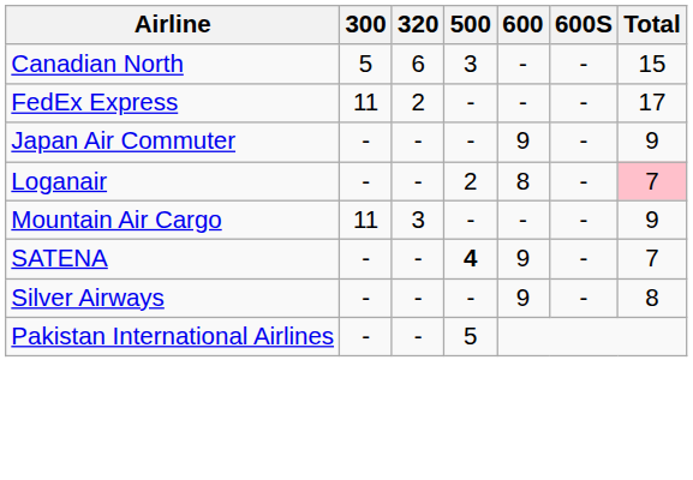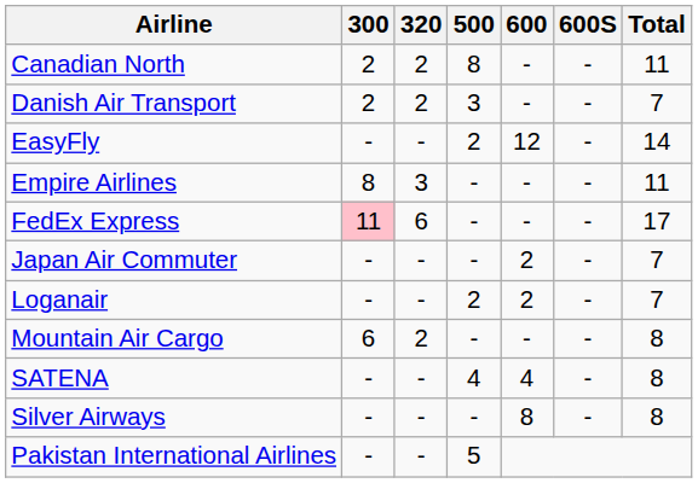 <table class="wikitable sortable" style="text-align:center;">
 <tr>
 <th>Airline</th>
 <th>300</th>
 <th>320</th>
 <th>500</th>
 <th>600</th>
 <th>600S</th>
 <th>Total</th>
 </tr>
 <tr>
 <td style="text-align:left;"><a href='#'>Canadian North</a></td>
-<td>5</td>
-<td>6</td>
+<td>2</td>
+<td>2</td>
+<td>8</td>
+<td>-</td>
+<td>-</td>
+<td>11</td>
+</tr>
+<tr>
+<td style="text-align:left;"><a href='#'>Danish Air Transport</a></td>
+<td>2</td>
+<td>2</td>
 <td>3</td>
 <td>-</td>
 <td>-</td>
-<td>15</td>
+<td>7</td>
+</tr>
+<tr>
+<td style="text-align:left;"><a href='#'>EasyFly</a></td>
+<td>-</td>
+<td>-</td>
+<td>2</td>
+<td>12</td>
+<td>-</td>
+<td>14</td>
+</tr>
+<tr>
+<td style="text-align:left;"><a href='#'>Empire Airlines</a></td>
+<td>8</td>
+<td>3</td>
+<td>-</td>
+<td>-</td>
+<td>-</td>
+<td>11</td>
 </tr>
 <tr>
 <td style="text-align:left;"><a href='#'>FedEx Express</a></td>
-<td>11</td>
-<td>2</td>
+<td style="background: pink;">11</td>
+<td>6</td>
 <td>-</td>
 <td>-</td>
 <td>-</td>
 <td>17</td>
 </tr>
 <tr>
 <td style="text-align:left;"><a href='#'>Japan Air Commuter</a></td>
 <td>-</td>
 <td>-</td>
 <td>-</td>
-<td>9</td>
+<td>2</td>
 <td>-</td>
-<td>9</td>
+<td>7</td>
 </tr>
 <tr>
 <td style="text-align:left;"><a href='#'>Loganair</a></td>
 <td>-</td>
 <td>-</td>
 <td>2</td>
-<td>8</td>
+<td>2</td>
 <td>-</td>
-<td style="background: pink;">7</td>
+<td>7</td>
 </tr>
 <tr>
 <td style="text-align:left;"><a href='#'>Mountain Air Cargo</a></td>
-<td>11</td>
-<td>3</td>
+<td>6</td>
+<td>2</td>
 <td>-</td>
 <td>-</td>
 <td>-</td>
-<td>9</td>
+<td>8</td>
 </tr>
 <tr>
 <td style="text-align:left;"><a href='#'>SATENA</a></td>
 <td>-</td>
 <td>-</td>
-<td><strong>4</strong></td>
-<td>9</td>
+<td>4</td>
+<td>4</td>
 <td>-</td>
-<td>7</td>
+<td>8</td>
 </tr>
 <tr>
 <td style="text-align:left;"><a href='#'>Silver Airways</a></td>
 <td>-</td>
 <td>-</td>
 <td>-</td>
-<td>9</td>
+<td>8</td>
 <td>-</td>
 <td>8</td>
 </tr>
 <tr>
 <td style=“text-align:left;”><a href='#'>Pakistan International Airlines</a></td>
 <td>-</td>
 <td>-</td>
 <td>5</td>
 </tr>
 </table>
